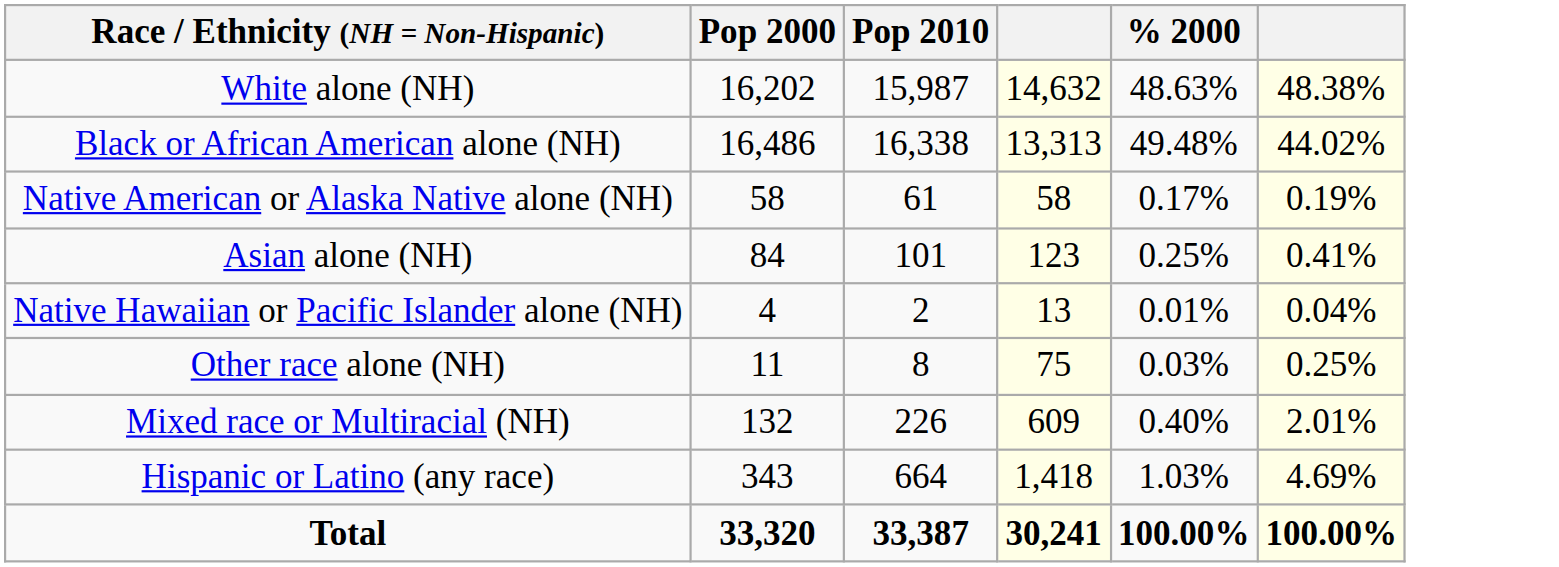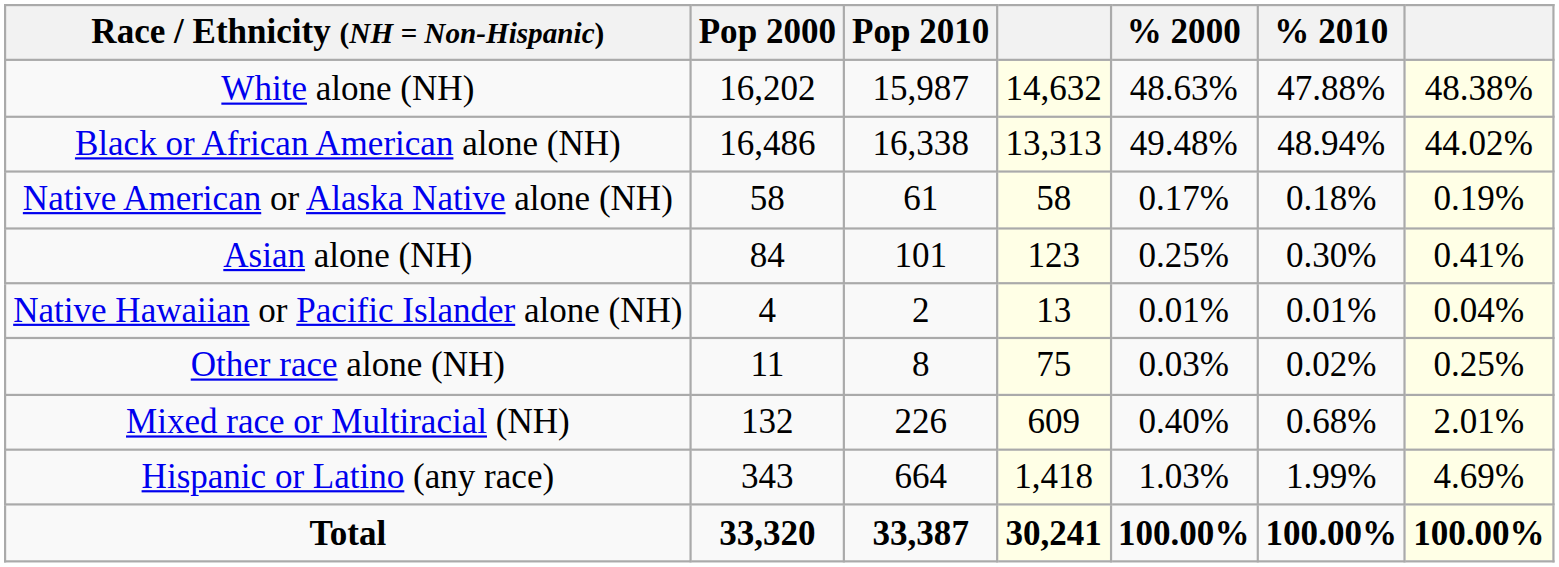 <table class="wikitable" style="text-align:center;">
 <tr>
 <th>Race / Ethnicity <small>(<em>NH = Non-Hispanic</em>)</small></th>
 <th>Pop 2000</th>
 <th>Pop 2010</th>
 <th></th>
 <th>% 2000</th>
+<th>% 2010</th>
 <th></th>
 </tr>
 <tr>
 <td><a href='#'>White</a> alone (NH)</td>
 <td>16,202</td>
 <td>15,987</td>
 <td style='background: #ffffe6;'>14,632</td>
 <td>48.63%</td>
+<td>47.88%</td>
 <td style='background: #ffffe6;'>48.38%</td>
 </tr>
 <tr>
 <td><a href='#'>Black or African American</a> alone (NH)</td>
 <td>16,486</td>
 <td>16,338</td>
 <td style='background: #ffffe6;'>13,313</td>
 <td>49.48%</td>
+<td>48.94%</td>
 <td style='background: #ffffe6;'>44.02%</td>
 </tr>
 <tr>
 <td><a href='#'>Native American</a> or <a href='#'>Alaska Native</a> alone (NH)</td>
 <td>58</td>
 <td>61</td>
 <td style='background: #ffffe6;'>58</td>
 <td>0.17%</td>
+<td>0.18%</td>
 <td style='background: #ffffe6;'>0.19%</td>
 </tr>
 <tr>
 <td><a href='#'>Asian</a> alone (NH)</td>
 <td>84</td>
 <td>101</td>
 <td style='background: #ffffe6;'>123</td>
 <td>0.25%</td>
+<td>0.30%</td>
 <td style='background: #ffffe6;'>0.41%</td>
 </tr>
 <tr>
 <td><a href='#'>Native Hawaiian</a> or <a href='#'>Pacific Islander</a> alone (NH)</td>
 <td>4</td>
 <td>2</td>
 <td style='background: #ffffe6;'>13</td>
+<td>0.01%</td>
 <td>0.01%</td>
 <td style='background: #ffffe6;'>0.04%</td>
 </tr>
 <tr>
 <td><a href='#'>Other race</a> alone (NH)</td>
 <td>11</td>
 <td>8</td>
 <td style='background: #ffffe6;'>75</td>
 <td>0.03%</td>
+<td>0.02%</td>
 <td style='background: #ffffe6;'>0.25%</td>
 </tr>
 <tr>
 <td><a href='#'>Mixed race or Multiracial</a> (NH)</td>
 <td>132</td>
 <td>226</td>
 <td style='background: #ffffe6;'>609</td>
 <td>0.40%</td>
+<td>0.68%</td>
 <td style='background: #ffffe6;'>2.01%</td>
 </tr>
 <tr>
 <td><a href='#'>Hispanic or Latino</a> (any race)</td>
 <td>343</td>
 <td>664</td>
 <td style='background: #ffffe6;'>1,418</td>
 <td>1.03%</td>
+<td>1.99%</td>
 <td style='background: #ffffe6;'>4.69%</td>
 </tr>
 <tr>
 <td><strong>Total</strong></td>
 <td><strong>33,320</strong></td>
 <td><strong>33,387</strong></td>
 <td style='background: #ffffe6;'><strong>30,241</strong></td>
 <td><strong>100.00%</strong></td>
+<td><strong>100.00%</strong></td>
 <td style='background: #ffffe6;'><strong>100.00%</strong></td>
 </tr>
 </table>
